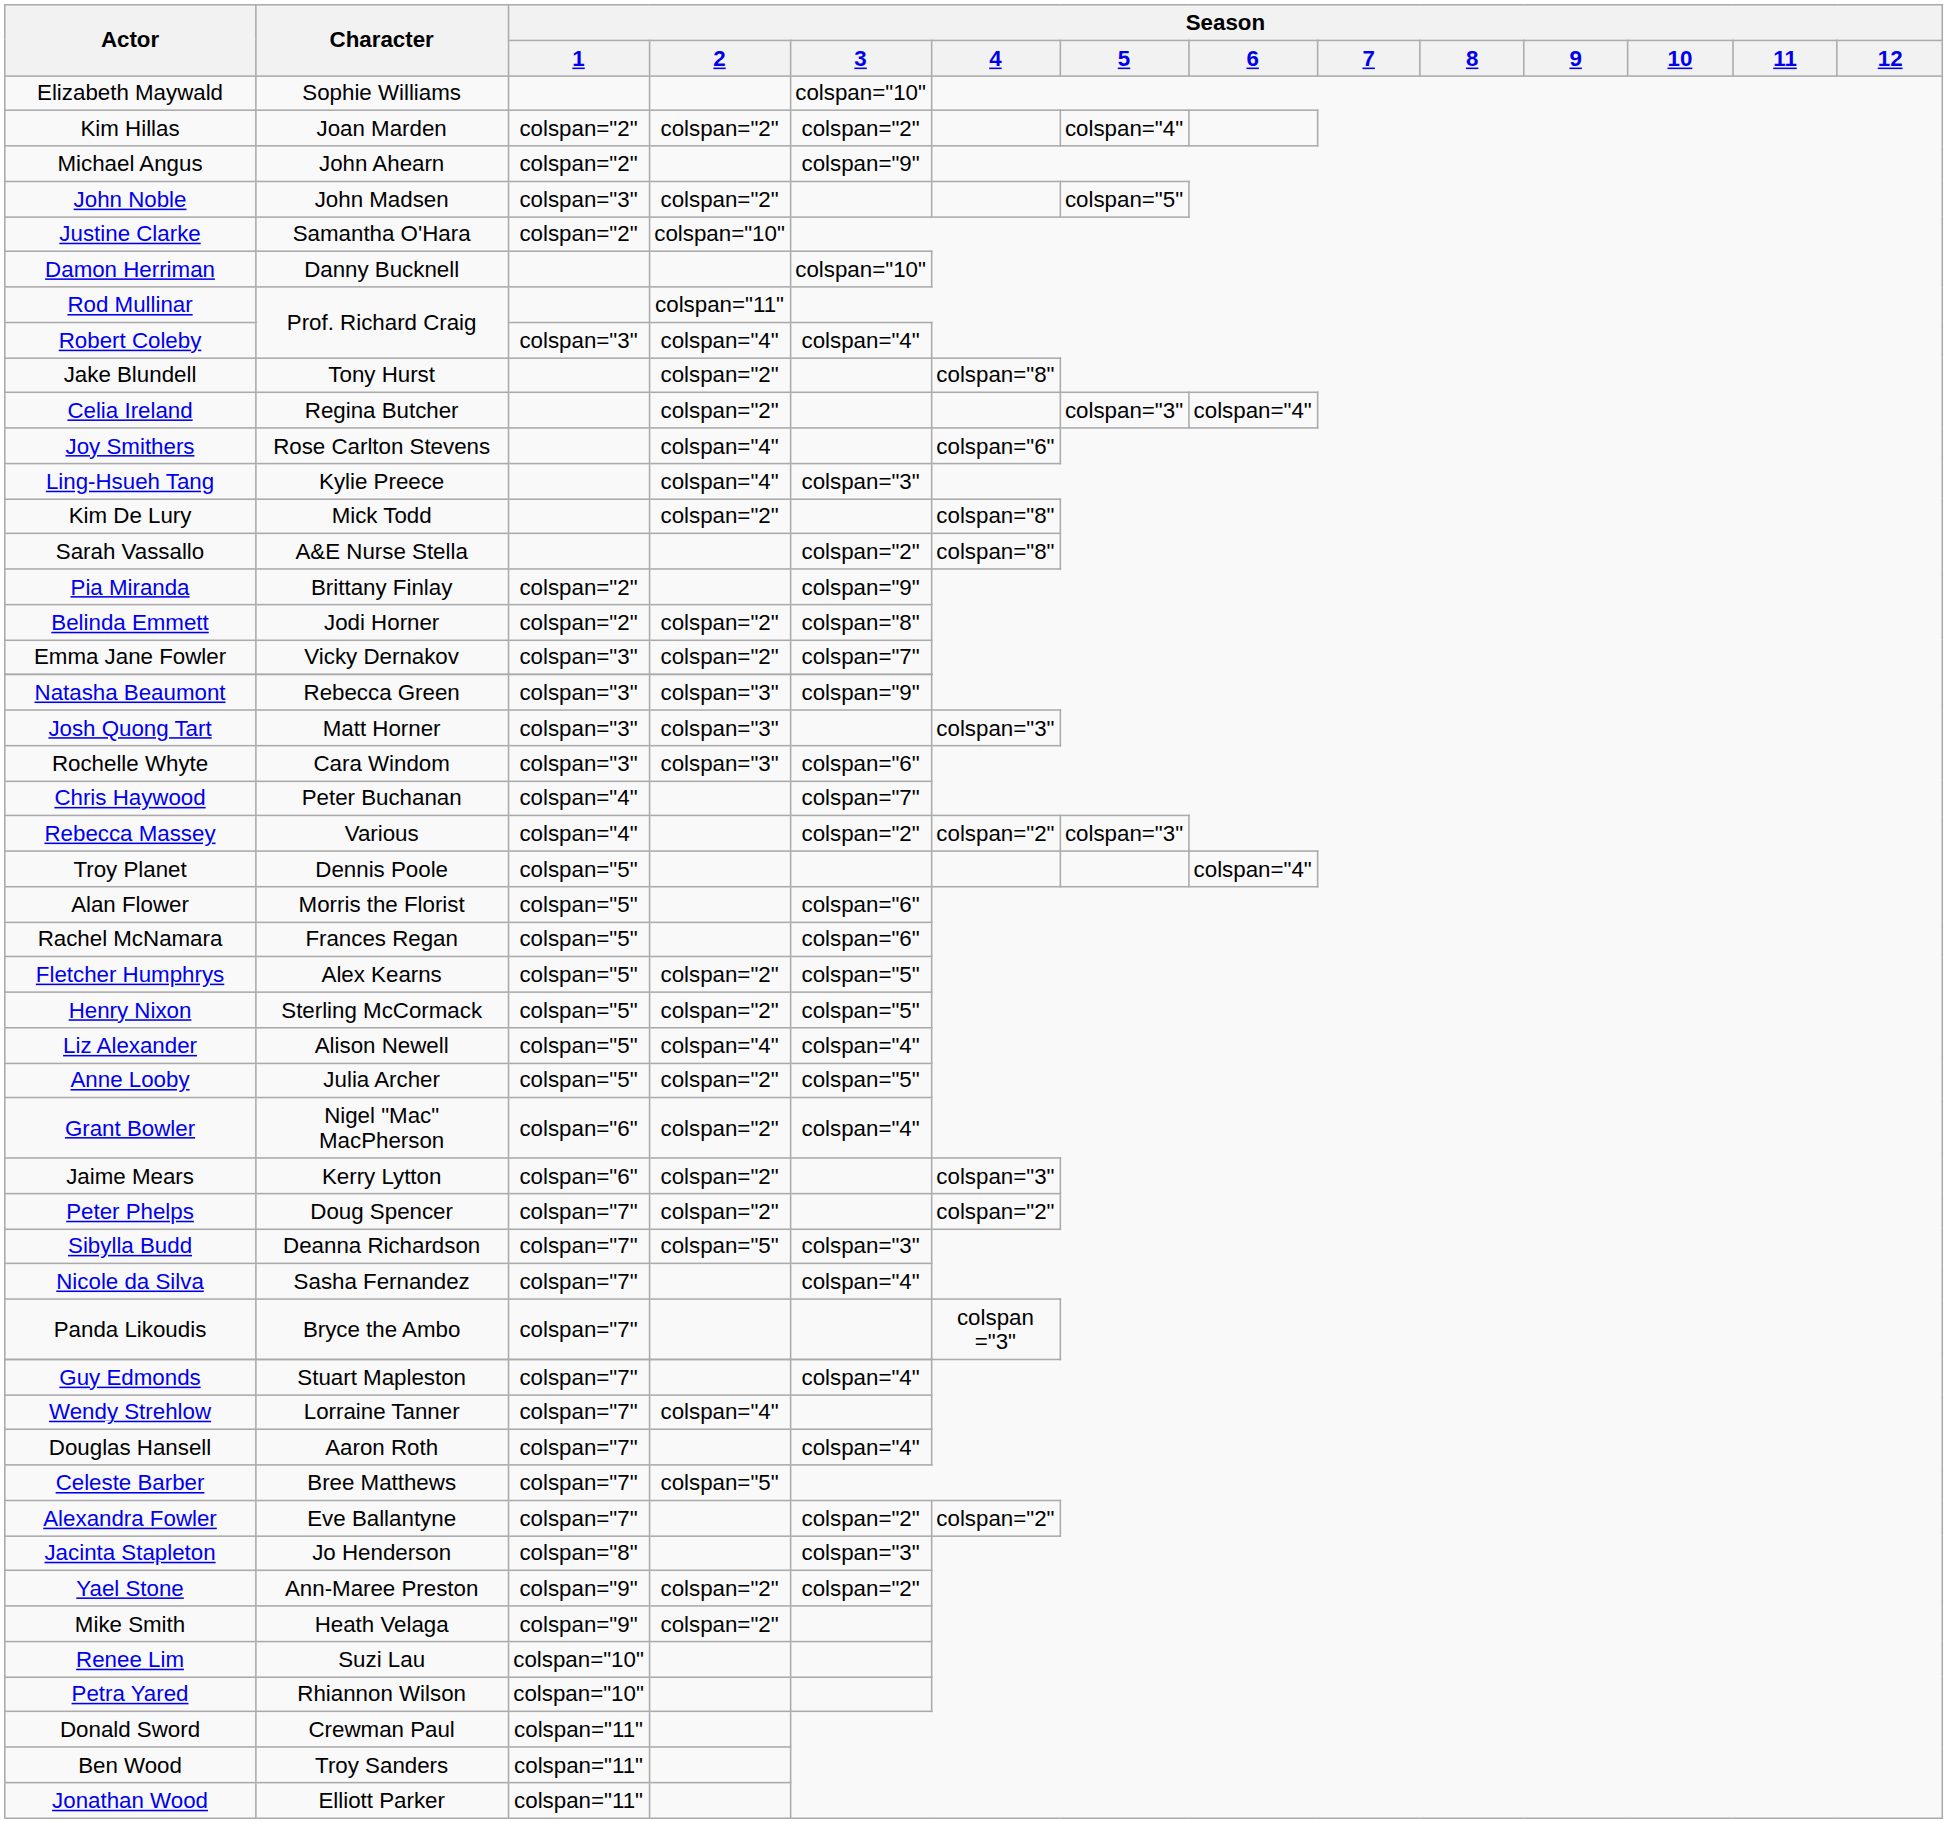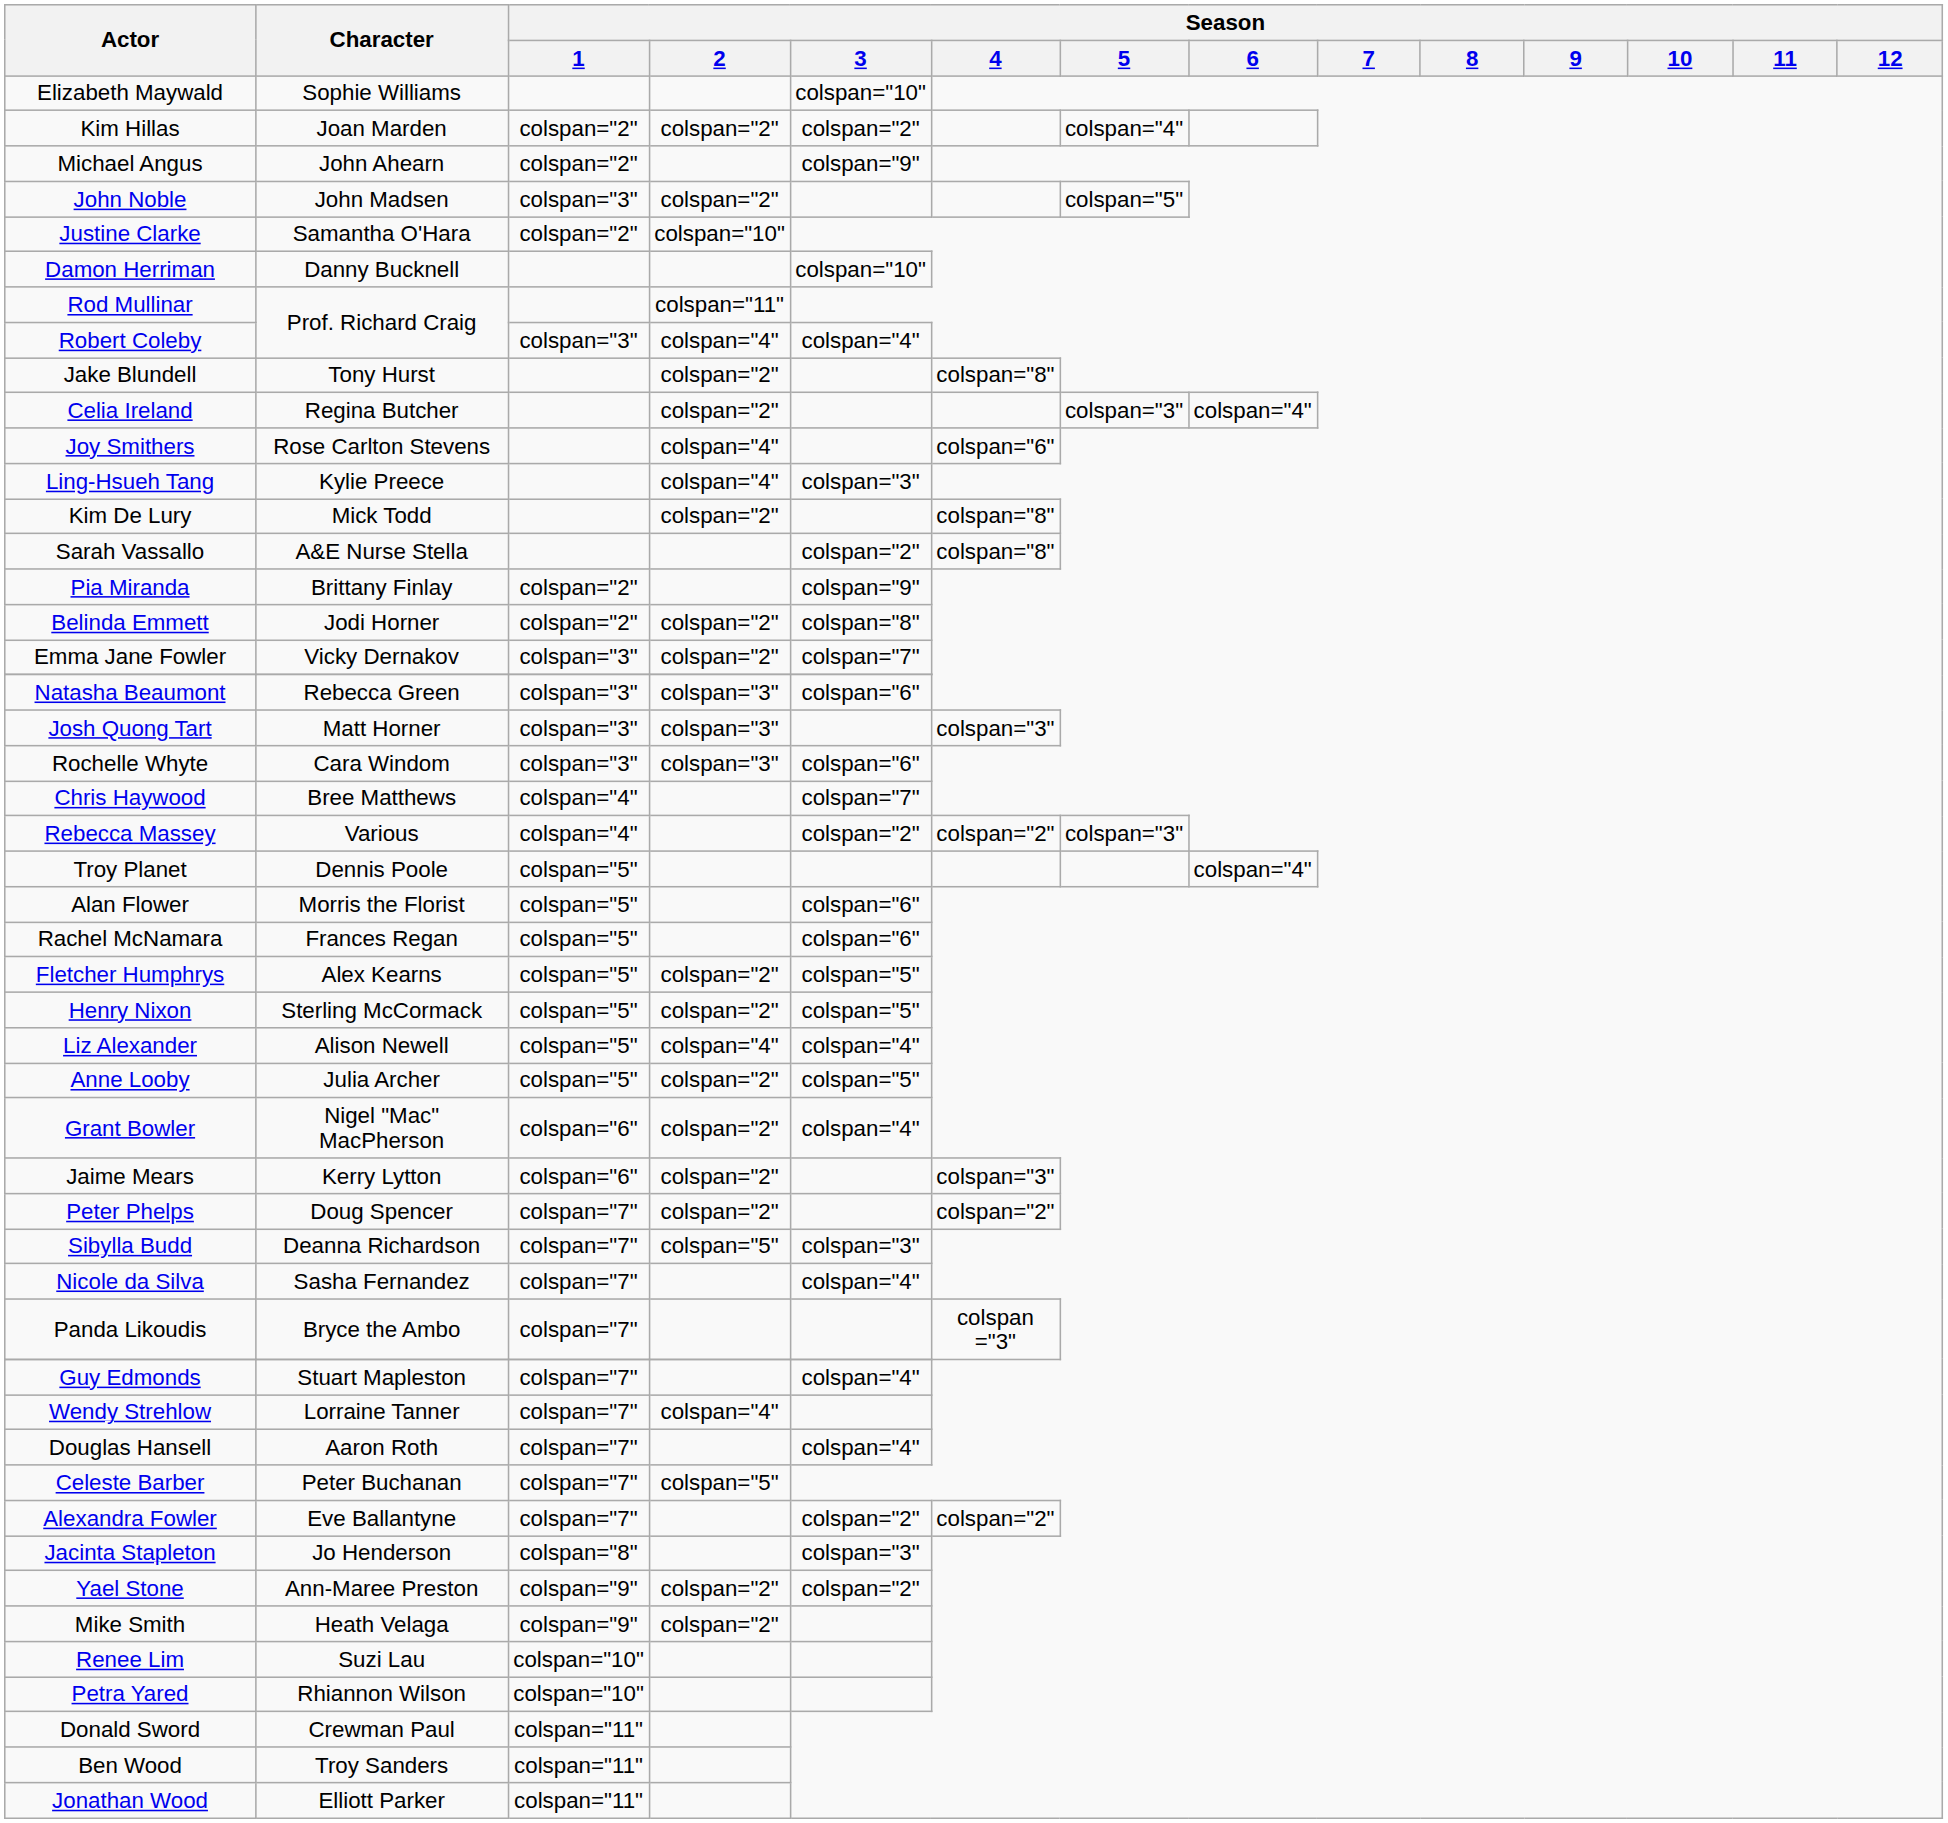 <table class="wikitable plainrowheaders" style="text-align:center; width:99%; font-size:90%">
 <tr>
 <th rowspan="2" style="width:14%;" scope="col">Actor</th>
 <th rowspan="2" style="width:14%;" scope="col">Character</th>
 <th colspan="12">Season</th>
 </tr>
 <tr>
 <th scope="col" style="width:6%;"><a href='#'>1</a></th>
 <th scope="col" style="width:6%;"><a href='#'>2</a></th>
 <th scope="col" style="width:6%;"><a href='#'>3</a></th>
 <th scope="col" style="width:6%;"><a href='#'>4</a></th>
 <th scope="col" style="width:6%;"><a href='#'>5</a></th>
 <th scope="col" style="width:6%;"><a href='#'>6</a></th>
 <th scope="col" style="width:6%;"><a href='#'>7</a></th>
 <th scope="col" style="width:6%;"><a href='#'>8</a></th>
 <th scope="col" style="width:6%;"><a href='#'>9</a></th>
 <th scope="col" style="width:6%;"><a href='#'>10</a></th>
 <th scope="col" style="width:6%;"><a href='#'>11</a></th>
 <th scope="col" style="width:6%;"><a href='#'>12</a></th>
 </tr>
 <tr>
 <td>Elizabeth Maywald</td>
 <td>Sophie Williams</td>
 <td></td>
 <td></td>
 <td>colspan="10" </td>
 </tr>
 <tr>
 <td>Kim Hillas</td>
 <td>Joan Marden</td>
 <td>colspan="2" </td>
 <td>colspan="2" </td>
 <td>colspan="2" </td>
 <td></td>
 <td>colspan="4" </td>
 <td></td>
 </tr>
 <tr>
 <td>Michael Angus</td>
 <td>John Ahearn</td>
 <td>colspan="2" </td>
 <td></td>
 <td>colspan="9" </td>
 </tr>
 <tr>
 <td><a href='#'>John Noble</a></td>
 <td>John Madsen</td>
 <td>colspan="3" </td>
 <td>colspan="2" </td>
 <td></td>
 <td></td>
 <td>colspan="5" </td>
 </tr>
 <tr>
 <td><a href='#'>Justine Clarke</a></td>
 <td>Samantha O'Hara</td>
 <td>colspan="2" </td>
 <td>colspan="10" </td>
 </tr>
 <tr>
 <td><a href='#'>Damon Herriman</a></td>
 <td>Danny Bucknell</td>
 <td></td>
 <td></td>
 <td>colspan="10" </td>
 </tr>
 <tr>
 <td><a href='#'>Rod Mullinar</a></td>
 <td rowspan="2">Prof. Richard Craig</td>
 <td></td>
 <td>colspan="11" </td>
 </tr>
 <tr>
 <td><a href='#'>Robert Coleby</a></td>
 <td>colspan="3" </td>
 <td>colspan="4" </td>
 <td>colspan="4" </td>
 </tr>
 <tr>
 <td>Jake Blundell</td>
 <td>Tony Hurst</td>
 <td></td>
 <td>colspan="2" </td>
 <td></td>
 <td>colspan="8" </td>
 </tr>
 <tr>
 <td><a href='#'>Celia Ireland</a></td>
 <td>Regina Butcher</td>
 <td></td>
 <td>colspan="2" </td>
 <td></td>
 <td></td>
 <td>colspan="3" </td>
 <td>colspan="4" </td>
 </tr>
 <tr>
 <td><a href='#'>Joy Smithers</a></td>
 <td>Rose Carlton Stevens</td>
 <td></td>
 <td>colspan="4" </td>
 <td></td>
 <td>colspan="6" </td>
 </tr>
 <tr>
 <td><a href='#'>Ling-Hsueh Tang</a></td>
 <td>Kylie Preece</td>
 <td></td>
 <td>colspan="4" </td>
 <td>colspan="3" </td>
 </tr>
 <tr>
 <td>Kim De Lury</td>
 <td>Mick Todd</td>
 <td></td>
 <td>colspan="2" </td>
 <td></td>
 <td>colspan="8" </td>
 </tr>
 <tr>
 <td>Sarah Vassallo</td>
 <td>A&E Nurse Stella</td>
 <td></td>
 <td></td>
 <td>colspan="2" </td>
 <td>colspan="8" </td>
 </tr>
 <tr>
 <td><a href='#'>Pia Miranda</a></td>
 <td>Brittany Finlay</td>
 <td>colspan="2" </td>
 <td></td>
 <td>colspan="9" </td>
 </tr>
 <tr>
 <td><a href='#'>Belinda Emmett</a></td>
 <td>Jodi Horner</td>
 <td>colspan="2" </td>
 <td>colspan="2" </td>
 <td>colspan="8" </td>
 </tr>
 <tr>
 <td>Emma Jane Fowler</td>
 <td>Vicky Dernakov</td>
 <td>colspan="3" </td>
 <td>colspan="2" </td>
 <td>colspan="7" </td>
 </tr>
 <tr>
 </tr>
 <tr>
 <td><a href='#'>Natasha Beaumont</a></td>
 <td>Rebecca Green</td>
 <td>colspan="3" </td>
 <td>colspan="3" </td>
-<td>colspan="9" </td>
+<td>colspan="6" </td>
 </tr>
 <tr>
 <td><a href='#'>Josh Quong Tart</a></td>
 <td>Matt Horner</td>
 <td>colspan="3" </td>
 <td>colspan="3" </td>
 <td></td>
 <td>colspan="3" </td>
 </tr>
 <tr>
 <td>Rochelle Whyte</td>
 <td>Cara Windom</td>
 <td>colspan="3" </td>
 <td>colspan="3" </td>
 <td>colspan="6" </td>
 </tr>
 <tr>
 <td><a href='#'>Chris Haywood</a></td>
-<td>Peter Buchanan</td>
+<td>Bree Matthews</td>
 <td>colspan="4" </td>
 <td></td>
 <td>colspan="7" </td>
 </tr>
 <tr>
 <td><a href='#'>Rebecca Massey</a></td>
 <td>Various</td>
 <td>colspan="4" </td>
 <td></td>
 <td>colspan="2" </td>
 <td>colspan="2" </td>
 <td>colspan="3" </td>
 </tr>
 <tr>
 <td>Troy Planet</td>
 <td>Dennis Poole</td>
 <td>colspan="5" </td>
 <td></td>
 <td></td>
 <td></td>
 <td></td>
 <td>colspan="4" </td>
 </tr>
 <tr>
 <td>Alan Flower</td>
 <td>Morris the Florist</td>
 <td>colspan="5" </td>
 <td></td>
 <td>colspan="6" </td>
 </tr>
 <tr>
 <td>Rachel McNamara</td>
 <td>Frances Regan</td>
 <td>colspan="5" </td>
 <td></td>
 <td>colspan="6" </td>
 </tr>
 <tr>
 <td><a href='#'>Fletcher Humphrys</a></td>
 <td>Alex Kearns</td>
 <td>colspan="5" </td>
 <td>colspan="2" </td>
 <td>colspan="5" </td>
 </tr>
 <tr>
 <td><a href='#'>Henry Nixon</a></td>
 <td>Sterling McCormack</td>
 <td>colspan="5" </td>
 <td>colspan="2" </td>
 <td>colspan="5" </td>
 </tr>
 <tr>
 <td><a href='#'>Liz Alexander</a></td>
 <td>Alison Newell</td>
 <td>colspan="5" </td>
 <td>colspan="4" </td>
 <td>colspan="4" </td>
 </tr>
 <tr>
 <td><a href='#'>Anne Looby</a></td>
 <td>Julia Archer</td>
 <td>colspan="5" </td>
 <td>colspan="2" </td>
 <td>colspan="5" </td>
 </tr>
 <tr>
 <td><a href='#'>Grant Bowler</a></td>
 <td>Nigel "Mac" MacPherson</td>
 <td>colspan="6" </td>
 <td>colspan="2" </td>
 <td>colspan="4" </td>
 </tr>
 <tr>
 <td>Jaime Mears</td>
 <td>Kerry Lytton</td>
 <td>colspan="6" </td>
 <td>colspan="2" </td>
 <td></td>
 <td>colspan="3" </td>
 </tr>
 <tr>
 <td><a href='#'>Peter Phelps</a></td>
 <td>Doug Spencer</td>
 <td>colspan="7" </td>
 <td>colspan="2" </td>
 <td></td>
 <td>colspan="2" </td>
 </tr>
 <tr>
 <td><a href='#'>Sibylla Budd</a></td>
 <td>Deanna Richardson</td>
 <td>colspan="7" </td>
 <td>colspan="5" </td>
 <td>colspan="3" </td>
 </tr>
 <tr>
 <td><a href='#'>Nicole da Silva</a></td>
 <td>Sasha Fernandez</td>
 <td>colspan="7" </td>
 <td></td>
 <td>colspan="4" </td>
 </tr>
 <tr>
 <td>Panda Likoudis</td>
 <td>Bryce the Ambo</td>
 <td>colspan="7" </td>
 <td></td>
 <td></td>
 <td>colspan ="3" </td>
 </tr>
 <tr>
 </tr>
 <tr>
 <td><a href='#'>Guy Edmonds</a></td>
 <td>Stuart Mapleston</td>
 <td>colspan="7" </td>
 <td></td>
 <td>colspan="4" </td>
 </tr>
 <tr>
 <td><a href='#'>Wendy Strehlow</a></td>
 <td>Lorraine Tanner</td>
 <td>colspan="7" </td>
 <td>colspan="4" </td>
 <td></td>
 </tr>
 <tr>
 <td>Douglas Hansell</td>
 <td>Aaron Roth</td>
 <td>colspan="7" </td>
 <td></td>
 <td>colspan="4" </td>
 </tr>
 <tr>
 <td><a href='#'>Celeste Barber</a></td>
-<td>Bree Matthews</td>
+<td>Peter Buchanan</td>
 <td>colspan="7" </td>
 <td>colspan="5" </td>
 </tr>
 <tr>
 <td><a href='#'>Alexandra Fowler</a></td>
 <td>Eve Ballantyne</td>
 <td>colspan="7" </td>
 <td></td>
 <td>colspan="2" </td>
 <td>colspan="2" </td>
 </tr>
 <tr>
 <td><a href='#'>Jacinta Stapleton</a></td>
 <td>Jo Henderson</td>
 <td>colspan="8" </td>
 <td></td>
 <td>colspan="3" </td>
 </tr>
 <tr>
 <td><a href='#'>Yael Stone</a></td>
 <td>Ann-Maree Preston</td>
 <td>colspan="9" </td>
 <td>colspan="2" </td>
 <td>colspan="2" </td>
 </tr>
 <tr>
 <td>Mike Smith</td>
 <td>Heath Velaga</td>
 <td>colspan="9" </td>
 <td>colspan="2" </td>
 <td></td>
 </tr>
 <tr>
 <td><a href='#'>Renee Lim</a></td>
 <td>Suzi Lau</td>
 <td>colspan="10" </td>
 <td></td>
 <td></td>
 </tr>
 <tr>
 <td><a href='#'>Petra Yared</a></td>
 <td>Rhiannon Wilson</td>
 <td>colspan="10" </td>
 <td></td>
 <td></td>
 </tr>
 <tr>
 <td>Donald Sword</td>
 <td>Crewman Paul</td>
 <td>colspan="11" </td>
 <td></td>
 </tr>
 <tr>
 <td>Ben Wood</td>
 <td>Troy Sanders</td>
 <td>colspan="11" </td>
 <td></td>
 </tr>
 <tr>
 <td><a href='#'>Jonathan Wood</a></td>
 <td>Elliott Parker</td>
 <td>colspan="11" </td>
 <td></td>
 </tr>
 </table>
